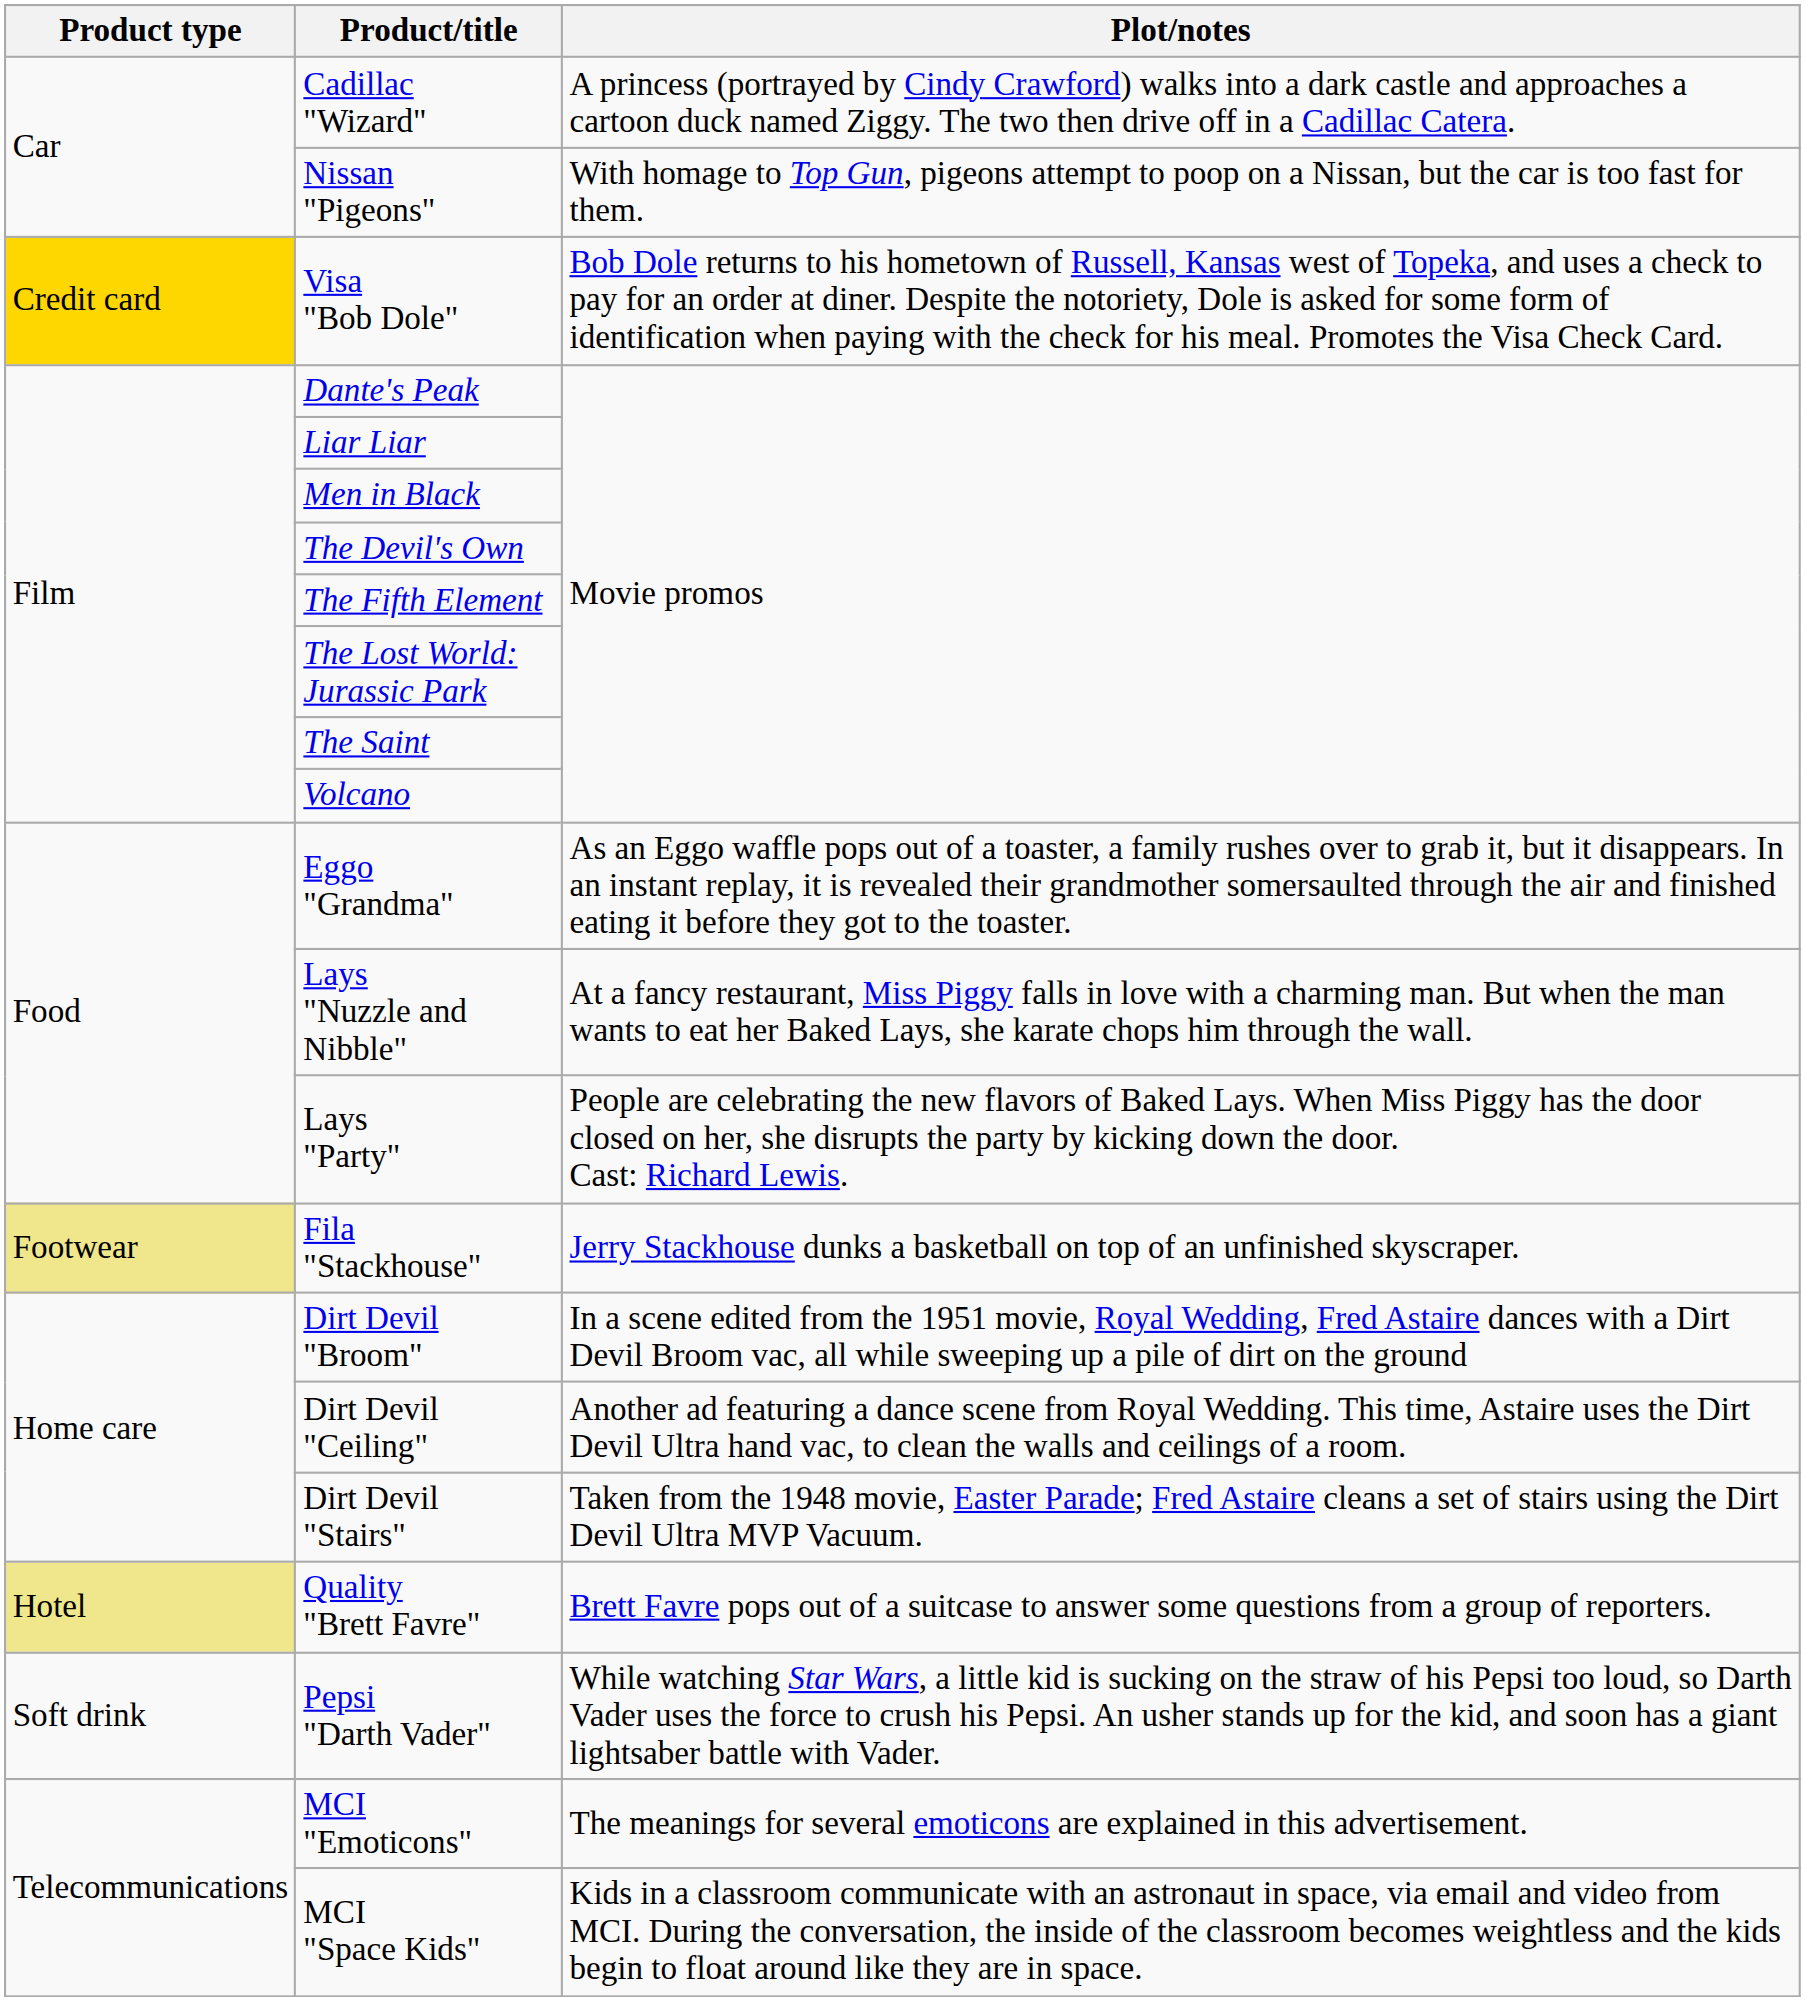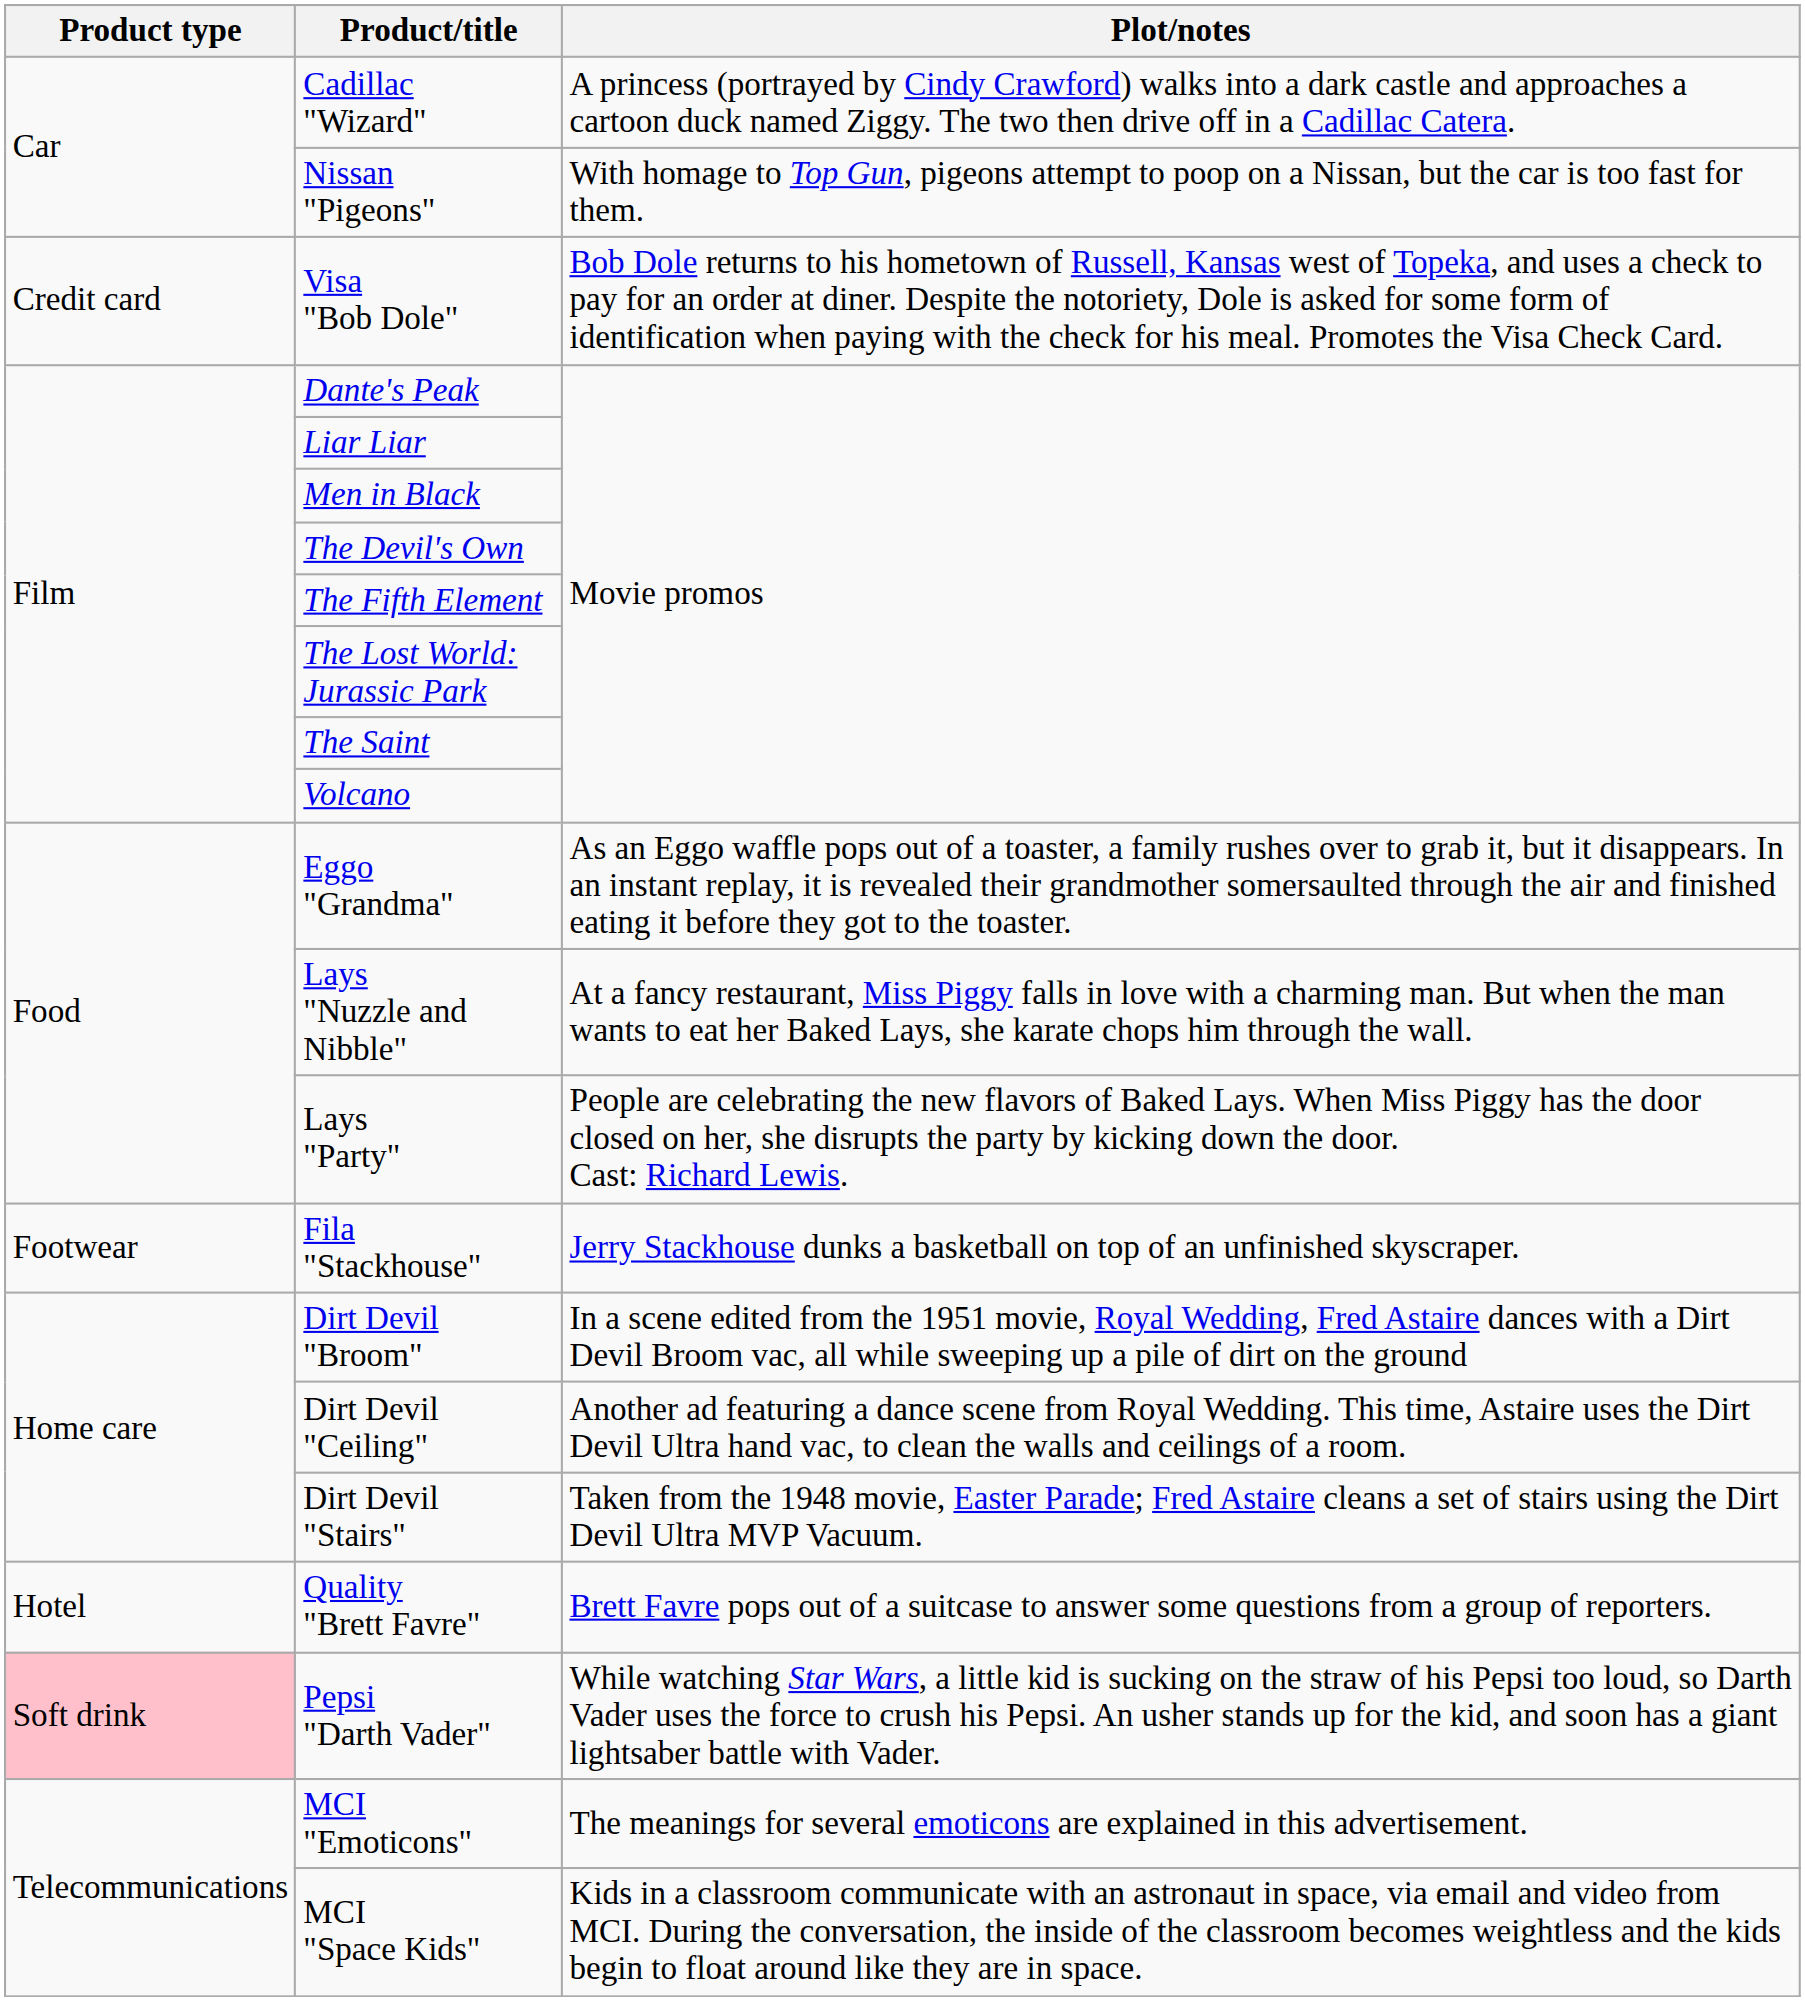 <table class="wikitable">
 <tr>
 <th>Product type</th>
 <th>Product/title</th>
 <th>Plot/notes</th>
 </tr>
 <tr>
 <td rowspan="2">Car</td>
 <td><a href='#'>Cadillac</a><br>"Wizard"</td>
 <td>A princess (portrayed by <a href='#'>Cindy Crawford</a>) walks into a dark castle and approaches a cartoon duck named Ziggy. The two then drive off in a <a href='#'>Cadillac Catera</a>.</td>
 </tr>
 <tr>
 <td><a href='#'>Nissan</a><br>"Pigeons"</td>
 <td>With homage to <em><a href='#'>Top Gun</a></em>, pigeons attempt to poop on a Nissan, but the car is too fast for them.</td>
 </tr>
 <tr>
-<td style="background: gold;">Credit card</td>
+<td>Credit card</td>
 <td><a href='#'>Visa</a><br>"Bob Dole"</td>
 <td><a href='#'>Bob Dole</a> returns to his hometown of <a href='#'>Russell, Kansas</a> west of <a href='#'>Topeka</a>, and uses a check to pay for an order at diner. Despite the notoriety, Dole is asked for some form of identification when paying with the check for his meal. Promotes the Visa Check Card.</td>
 </tr>
 <tr>
 <td rowspan="8">Film</td>
 <td><em><a href='#'>Dante's Peak</a></em></td>
 <td rowspan="8">Movie promos</td>
 </tr>
 <tr>
 <td><em><a href='#'>Liar Liar</a></em></td>
 </tr>
 <tr>
 <td><em><a href='#'>Men in Black</a></em></td>
 </tr>
 <tr>
 <td><em><a href='#'>The Devil's Own</a></em></td>
 </tr>
 <tr>
 <td><em><a href='#'>The Fifth Element</a></em></td>
 </tr>
 <tr>
 <td><em><a href='#'>The Lost World: Jurassic Park</a></em></td>
 </tr>
 <tr>
 <td><em><a href='#'>The Saint</a></em></td>
 </tr>
 <tr>
 <td><em><a href='#'>Volcano</a></em></td>
 </tr>
 <tr>
 <td rowspan="3">Food</td>
 <td><a href='#'>Eggo</a><br>"Grandma"</td>
 <td>As an Eggo waffle pops out of a toaster, a family rushes over to grab it, but it disappears. In an instant replay, it is revealed their grandmother somersaulted through the air and finished eating it before they got to the toaster.</td>
 </tr>
 <tr>
 <td><a href='#'>Lays</a><br>"Nuzzle and Nibble"</td>
 <td>At a fancy restaurant, <a href='#'>Miss Piggy</a> falls in love with a charming man. But when the man wants to eat her Baked Lays, she karate chops him through the wall.</td>
 </tr>
 <tr>
 <td>Lays<br>"Party"</td>
 <td>People are celebrating the new flavors of Baked Lays. When Miss Piggy has the door closed on her, she disrupts the party by kicking down the door.<br>Cast: <a href='#'>Richard Lewis</a>.</td>
 </tr>
 <tr>
-<td style="background: khaki;">Footwear</td>
+<td>Footwear</td>
 <td><a href='#'>Fila</a><br>"Stackhouse"</td>
 <td><a href='#'>Jerry Stackhouse</a> dunks a basketball on top of an unfinished skyscraper.</td>
 </tr>
 <tr>
 <td rowspan="3">Home care</td>
 <td><a href='#'>Dirt Devil</a><br>"Broom"</td>
 <td>In a scene edited from the 1951 movie, <a href='#'>Royal Wedding</a>, <a href='#'>Fred Astaire</a> dances with a Dirt Devil Broom vac, all while sweeping up a pile of dirt on the ground</td>
 </tr>
 <tr>
 <td>Dirt Devil<br>"Ceiling"</td>
 <td>Another ad featuring a dance scene from Royal Wedding. This time, Astaire uses the Dirt Devil Ultra hand vac, to clean the walls and ceilings of a room.</td>
 </tr>
 <tr>
 <td>Dirt Devil<br>"Stairs"</td>
 <td>Taken from the 1948 movie, <a href='#'>Easter Parade</a>; <a href='#'>Fred Astaire</a> cleans a set of stairs using the Dirt Devil Ultra MVP Vacuum.</td>
 </tr>
 <tr>
-<td style="background: khaki;">Hotel</td>
+<td>Hotel</td>
 <td><a href='#'>Quality</a><br>"Brett Favre"</td>
 <td><a href='#'>Brett Favre</a> pops out of a suitcase to answer some questions from a group of reporters.</td>
 </tr>
 <tr>
-<td>Soft drink</td>
+<td style="background: pink;">Soft drink</td>
 <td><a href='#'>Pepsi</a><br>"Darth Vader"</td>
 <td>While watching <em><a href='#'>Star Wars</a></em>, a little kid is sucking on the straw of his Pepsi too loud, so Darth Vader uses the force to crush his Pepsi. An usher stands up for the kid, and soon has a giant lightsaber battle with Vader.</td>
 </tr>
 <tr>
 <td rowspan="2">Telecommunications</td>
 <td><a href='#'>MCI</a><br>"Emoticons"</td>
 <td>The meanings for several <a href='#'>emoticons</a> are explained in this advertisement.</td>
 </tr>
 <tr>
 <td>MCI<br>"Space Kids"</td>
 <td>Kids in a classroom communicate with an astronaut in space, via email and video from MCI. During the conversation, the inside of the classroom becomes weightless and the kids begin to float around like they are in space.</td>
 </tr>
 </table>
